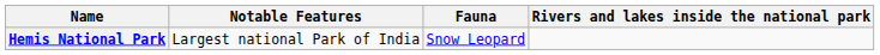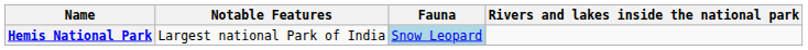 <table class="wikitable sortable">
 <tr>
 <th>Name</th>
 <th>Notable Features</th>
 <th>Fauna</th>
 <th>Rivers and lakes inside the national park</th>
 </tr>
 <tr>
 <th><a href='#'>Hemis National Park</a></th>
 <td>Largest national Park of India</td>
-<td><a href='#'>Snow Leopard</a></td>
+<td style="background: lightblue;"><a href='#'>Snow Leopard</a></td>
 </tr>
 </table>
